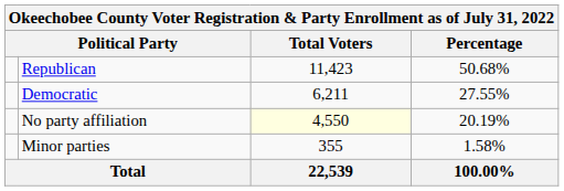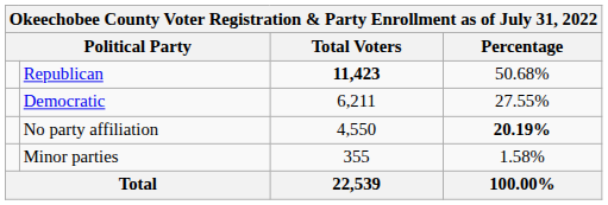 <table class=wikitable>
 <tr>
 <th colspan = 6>Okeechobee County Voter Registration & Party Enrollment as of July 31, 2022</th>
 </tr>
 <tr>
 <th colspan = 2>Political Party</th>
 <th>Total Voters</th>
 <th>Percentage</th>
 </tr>
 <tr>
 <td></td>
 <td><a href='#'>Republican</a></td>
-<td align = center>11,423</td>
+<td align = center><strong>11,423</strong></td>
 <td align = center>50.68%</td>
 </tr>
 <tr>
 <td></td>
 <td><a href='#'>Democratic</a></td>
 <td align = center>6,211</td>
 <td align = center>27.55%</td>
 </tr>
 <tr>
 <td></td>
 <td>No party affiliation</td>
-<td align = center style="background: lightyellow;">4,550</td>
-<td align = center>20.19%</td>
+<td align = center>4,550</td>
+<td align = center><strong>20.19%</strong></td>
 </tr>
 <tr>
 <td></td>
 <td>Minor parties</td>
 <td align = center>355</td>
 <td align = center>1.58%</td>
 </tr>
 <tr>
 <th colspan = 2>Total</th>
 <th align = center>22,539</th>
 <th align = center>100.00%</th>
 </tr>
 </table>
